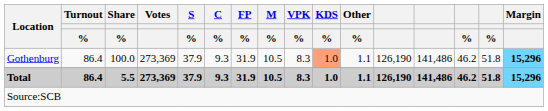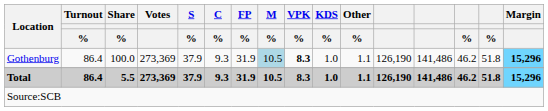 <table class="wikitable sortable" style="text-align:right; font-size:95%; line-height:20px;">
 <tr>
 <th rowspan="3">Location</th>
 <th>Turnout</th>
 <th>Share</th>
 <th>Votes</th>
 <th width="30px" class="unsortable"><a href='#'>S</a></th>
 <th width="30px" class="unsortable"><a href='#'>C</a></th>
 <th width="30px" class="unsortable"><a href='#'>FP</a></th>
 <th width="30px" class="unsortable"><a href='#'>M</a></th>
 <th width="30px" class="unsortable"><a href='#'>VPK</a></th>
 <th width="30px" class="unsortable"><a href='#'>KDS</a></th>
 <th width="30px" class="unsortable">Other</th>
 <th></th>
 <th></th>
 <th></th>
 <th></th>
 <th>Margin</th>
 </tr>
 <tr>
 <th></th>
 <th></th>
 <th></th>
 <th style="background:"></th>
 <th style="background:"></th>
 <th style="background:"></th>
 <th style="background:"></th>
 <th style="background:"></th>
 <th style="background:"></th>
 <th style="background:"></th>
 <th style="background:"></th>
 <th style="background:"></th>
 <th style="background:"></th>
 <th style="background:"></th>
 <th></th>
 </tr>
 <tr>
 <th data-sort-type="number">%</th>
 <th data-sort-type="number">%</th>
 <th></th>
 <th data-sort-type="number">%</th>
 <th data-sort-type="number">%</th>
 <th data-sort-type="number">%</th>
 <th data-sort-type="number">%</th>
 <th data-sort-type="number">%</th>
 <th data-sort-type="number">%</th>
 <th data-sort-type="number">%</th>
 <th data-sort-type="number"></th>
 <th data-sort-type="number"></th>
 <th data-sort-type="number">%</th>
 <th data-sort-type="number">%</th>
 <th data-sort-type="number"></th>
 </tr>
 <tr>
 <td align=left><a href='#'>Gothenburg</a></td>
 <td>86.4</td>
 <td>100.0</td>
 <td>273,369</td>
 <td>37.9</td>
 <td>9.3</td>
 <td>31.9</td>
-<td>10.5</td>
-<td>8.3</td>
-<td style="background: lightsalmon;">1.0</td>
+<td style="background: lightblue;">10.5</td>
+<td><strong>8.3</strong></td>
+<td>1.0</td>
 <td>1.1</td>
 <td>126,190</td>
 <td>141,486</td>
 <td>46.2</td>
 <td>51.8</td>
 <td bgcolor=#6fd5fe><strong>15,296</strong></td>
 </tr>
 <tr>
 </tr>
 <tr style="background:#CDCDCD;">
 <td align=left><strong>Total</strong></td>
 <td><strong>86.4</strong></td>
 <td><strong>5.5</strong></td>
 <td><strong>273,369</strong></td>
 <td><strong>37.9</strong></td>
 <td><strong>9.3</strong></td>
 <td><strong>31.9</strong></td>
 <td><strong>10.5</strong></td>
 <td><strong>8.3</strong></td>
 <td><strong>1.0</strong></td>
 <td><strong>1.1</strong></td>
 <td><strong>126,190</strong></td>
 <td><strong>141,486</strong></td>
 <td><strong>46.2</strong></td>
 <td><strong>51.8</strong></td>
 <td bgcolor=#6fd5fe><strong>15,296</strong></td>
 </tr>
 <tr>
 <td align=left colspan=16>Source:SCB </td>
 </tr>
 </table>
